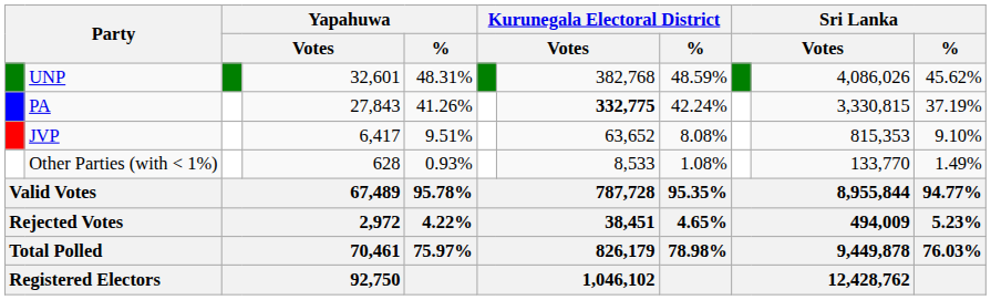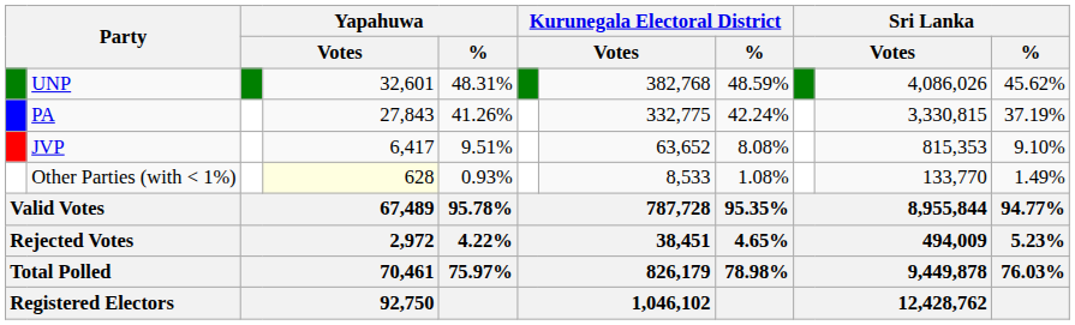 <table class="wikitable">
 <tr>
 <th colspan="2" width="144px"rowspan="2">Party</th>
 <th colspan="3" width="216px">Yapahuwa</th>
 <th colspan="3" width="216px"><a href='#'>Kurunegala Electoral District</a></th>
 <th colspan="3" width="216px">Sri Lanka</th>
 </tr>
 <tr>
 <th colspan="2" width="144px">Votes</th>
 <th>%</th>
 <th colspan="2" width="144px">Votes</th>
 <th>%</th>
 <th colspan="2" width="144px">Votes</th>
 <th>%</th>
 </tr>
 <tr>
 <td style="background-color:green;" width="10px"></td>
 <td style="text-align:left;"><a href='#'>UNP</a></td>
 <td style="background-color:green;" width="10px"></td>
 <td style="text-align:right;">32,601</td>
 <td style="text-align:right;">48.31%</td>
 <td style="background-color:green;" width="10px"></td>
 <td style="text-align:right;">382,768</td>
 <td style="text-align:right;">48.59%</td>
 <td style="background-color:green;" width="10px"></td>
 <td style="text-align:right;">4,086,026</td>
 <td style="text-align:right;">45.62%</td>
 </tr>
 <tr>
 <td style="background-color:blue;" width="10px"></td>
 <td style="text-align:left;"><a href='#'>PA</a></td>
 <td style="background-color:white;" width="10px"></td>
 <td style="text-align:right;">27,843</td>
 <td style="text-align:right;">41.26%</td>
 <td style="background-color:white;" width="10px"></td>
-<td style="text-align:right;"><strong>332,775</strong></td>
+<td style="text-align:right;">332,775</td>
 <td style="text-align:right;">42.24%</td>
 <td style="background-color:white;" width="10px"></td>
 <td style="text-align:right;">3,330,815</td>
 <td style="text-align:right;">37.19%</td>
 </tr>
 <tr>
 <td style="background-color:red;" width="10px"></td>
 <td style="text-align:left;"><a href='#'>JVP</a></td>
 <td style="background-color:white;" width="10px"></td>
 <td style="text-align:right;">6,417</td>
 <td style="text-align:right;">9.51%</td>
 <td style="background-color:white;" width="10px"></td>
 <td style="text-align:right;">63,652</td>
 <td style="text-align:right;">8.08%</td>
 <td style="background-color:white;" width="10px"></td>
 <td style="text-align:right;">815,353</td>
 <td style="text-align:right;">9.10%</td>
 </tr>
 <tr>
 <td style="background-color:white;" width="10px"></td>
 <td style="text-align:left;">Other Parties (with < 1%)</td>
 <td style="background-color:white;" width="10px"></td>
-<td style="text-align:right;">628</td>
+<td style="background: lightyellow; text-align:right;">628</td>
 <td style="text-align:right;">0.93%</td>
 <td style="background-color:white;" width="10px"></td>
 <td style="text-align:right;">8,533</td>
 <td style="text-align:right;">1.08%</td>
 <td style="background-color:white;" width="10px"></td>
 <td style="text-align:right;">133,770</td>
 <td style="text-align:right;">1.49%</td>
 </tr>
 <tr>
 <th colspan="2" width="144px"style="text-align:left;">Valid Votes</th>
 <th style="text-align:right;"colspan="2" width="144px">67,489</th>
 <th style="text-align:right;">95.78%</th>
 <th style="text-align:right;"colspan="2" width="144px">787,728</th>
 <th style="text-align:right;">95.35%</th>
 <th style="text-align:right;"colspan="2" width="144px">8,955,844</th>
 <th style="text-align:right;">94.77%</th>
 </tr>
 <tr>
 <th colspan="2" width="144px"style="text-align:left;">Rejected Votes</th>
 <th style="text-align:right;"colspan="2" width="144px">2,972</th>
 <th style="text-align:right;">4.22%</th>
 <th style="text-align:right;"colspan="2" width="144px">38,451</th>
 <th style="text-align:right;">4.65%</th>
 <th style="text-align:right;"colspan="2" width="144px">494,009</th>
 <th style="text-align:right;">5.23%</th>
 </tr>
 <tr>
 <th colspan="2" width="144px"style="text-align:left;">Total Polled</th>
 <th style="text-align:right;"colspan="2" width="144px">70,461</th>
 <th style="text-align:right;">75.97%</th>
 <th style="text-align:right;"colspan="2" width="144px">826,179</th>
 <th style="text-align:right;">78.98%</th>
 <th style="text-align:right;"colspan="2" width="144px">9,449,878</th>
 <th style="text-align:right;">76.03%</th>
 </tr>
 <tr>
 <th colspan="2" width="144px"style="text-align:left;">Registered Electors</th>
 <th style="text-align:right;"colspan="2" width="144px">92,750</th>
 <th></th>
 <th style="text-align:right;"colspan="2" width="144px">1,046,102</th>
 <th></th>
 <th style="text-align:right;"colspan="2" width="144px">12,428,762</th>
 <th></th>
 </tr>
 </table>
